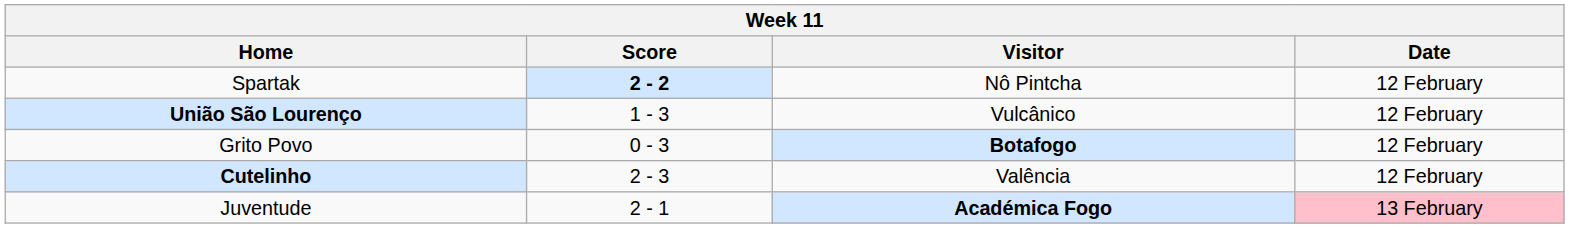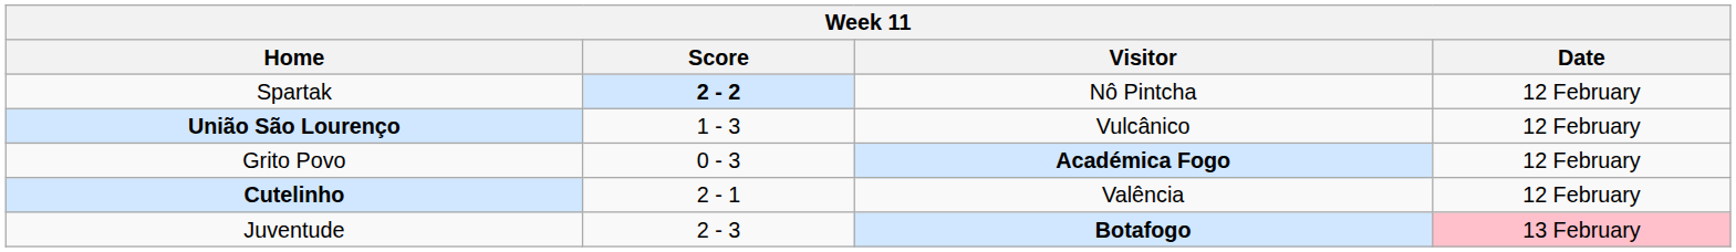 <table class="wikitable" style="margin:1em auto; font-size:95%; text-align: center; width: 95%;">
 <tr>
 <th colspan="12"  style="with:100%; text-align:center;">Week 11</th>
 </tr>
 <tr>
 <th style="width:200px;">Home</th>
 <th width="90">Score</th>
 <th style="width:200px;">Visitor</th>
 <th style="width:100px;">Date</th>
 </tr>
 <tr align=center>
 <td>Spartak</td>
 <td style="background:#d0e7ff;"><strong>2 - 2</strong></td>
 <td>Nô Pintcha</td>
 <td>12 February</td>
 </tr>
 <tr align=center>
 <td style="background:#d0e7ff;"><strong>União São Lourenço</strong></td>
 <td>1 - 3</td>
 <td>Vulcânico</td>
 <td>12 February</td>
 </tr>
 <tr align=center>
 <td>Grito Povo</td>
 <td>0 - 3</td>
-<td style="background:#d0e7ff;"><strong>Botafogo</strong></td>
+<td style="background:#d0e7ff;"><strong>Académica Fogo</strong></td>
 <td>12 February</td>
 </tr>
 <tr align=center>
 <td style="background:#d0e7ff;"><strong>Cutelinho</strong></td>
-<td>2 - 3</td>
+<td>2 - 1</td>
 <td>Valência</td>
 <td>12 February</td>
 </tr>
 <tr align=center>
 <td>Juventude</td>
-<td>2 - 1</td>
-<td style="background:#d0e7ff;"><strong>Académica Fogo</strong></td>
+<td>2 - 3</td>
+<td style="background:#d0e7ff;"><strong>Botafogo</strong></td>
 <td style="background: pink;">13 February</td>
 </tr>
 </table>
